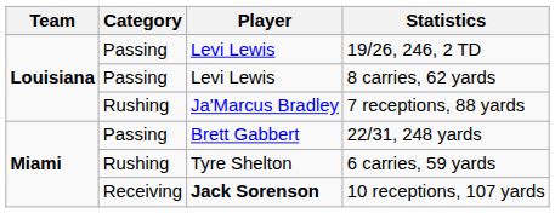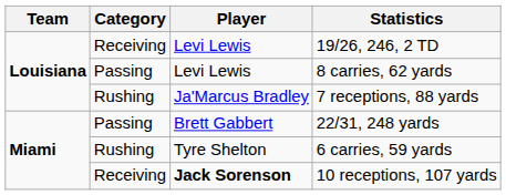 <table class="wikitable" style="float: right;">
 <tr>
 <th>Team</th>
 <th>Category</th>
 <th>Player</th>
 <th>Statistics</th>
 </tr>
 <tr>
 <td rowspan=3><strong>Louisiana</strong></td>
-<td>Passing</td>
+<td>Receiving</td>
 <td><a href='#'>Levi Lewis</a></td>
 <td>19/26, 246, 2 TD</td>
 </tr>
 <tr>
 <td>Passing</td>
 <td>Levi Lewis</td>
 <td>8 carries, 62 yards</td>
 </tr>
 <tr>
 <td>Rushing</td>
 <td><a href='#'>Ja'Marcus Bradley</a></td>
 <td>7 receptions, 88 yards</td>
 </tr>
 <tr>
 <td rowspan=3><strong>Miami</strong></td>
 <td>Passing</td>
 <td><a href='#'>Brett Gabbert</a></td>
 <td>22/31, 248 yards</td>
 </tr>
 <tr>
 <td>Rushing</td>
 <td>Tyre Shelton</td>
 <td>6 carries, 59 yards</td>
 </tr>
 <tr>
 <td>Receiving</td>
 <td><strong>Jack Sorenson</strong></td>
 <td>10 receptions, 107 yards</td>
 </tr>
 </table>
